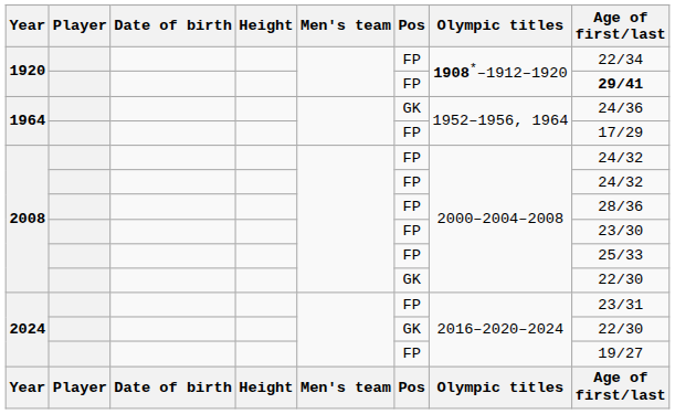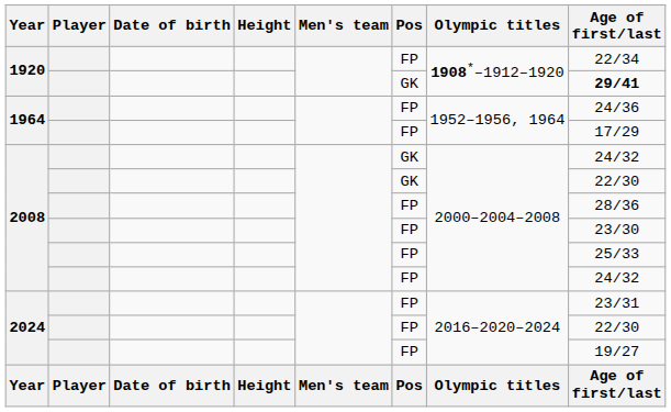 <table class="wikitable sortable plainrowheaders sticky-header" style="text-align: center; margin-left: 1em;">
 <tr>
 <th scope="col">Year</th>
 <th scope="col">Player</th>
 <th scope="col">Date of birth</th>
 <th scope="col">Height</th>
 <th scope="col">Men's team</th>
 <th scope="col">Pos</th>
 <th scope="col">Olympic titles</th>
 <th scope="col">Age of<br>first/last</th>
 </tr>
 <tr>
 <th scope="rowgroup" rowspan="2" style="text-align: center;">1920</th>
 <th scope="row"></th>
 <td style="text-align: right;"></td>
 <td style="text-align: left;"></td>
 <td rowspan="2" style="text-align: left;"></td>
 <td>FP</td>
 <td rowspan="2"><strong>1908</strong><sup>*</sup>–1912–1920</td>
 <td>22/34</td>
 </tr>
 <tr>
 <th scope="row"></th>
 <td style="text-align: right;"></td>
 <td style="text-align: left;"></td>
-<td>FP</td>
+<td>GK</td>
 <td><strong>29/41</strong></td>
 </tr>
 <tr>
 <th scope="rowgroup" rowspan="2" style="text-align: center;">1964</th>
 <th scope="row"></th>
 <td style="text-align: right;"></td>
 <td style="text-align: left;"></td>
 <td rowspan="2" style="text-align: left;"></td>
-<td>GK</td>
+<td>FP</td>
 <td rowspan="2">1952–1956, 1964</td>
 <td>24/36</td>
 </tr>
 <tr>
 <th scope="row"></th>
 <td style="text-align: right;"></td>
 <td style="text-align: left;"></td>
 <td>FP</td>
 <td>17/29</td>
 </tr>
 <tr>
 <th scope="rowgroup" rowspan="6" style="text-align: center;">2008</th>
 <th scope="row"></th>
 <td style="text-align: right;"></td>
 <td style="text-align: left;"></td>
 <td rowspan="6" style="text-align: left;"></td>
-<td>FP</td>
+<td>GK</td>
 <td rowspan="6">2000–2004–2008</td>
 <td>24/32</td>
 </tr>
 <tr>
 <th scope="row"></th>
 <td style="text-align: right;"></td>
 <td style="text-align: left;"></td>
-<td>FP</td>
-<td>24/32</td>
+<td>GK</td>
+<td>22/30</td>
 </tr>
 <tr>
 <th scope="row"></th>
 <td style="text-align: right;"></td>
 <td style="text-align: left;"></td>
 <td>FP</td>
 <td>28/36</td>
 </tr>
 <tr>
 <th scope="row"></th>
 <td style="text-align: right;"></td>
 <td style="text-align: left;"></td>
 <td>FP</td>
 <td>23/30</td>
 </tr>
 <tr>
 <th scope="row"></th>
 <td style="text-align: right;"></td>
 <td style="text-align: left;"></td>
 <td>FP</td>
 <td>25/33</td>
 </tr>
 <tr>
 <th scope="row"></th>
 <td style="text-align: right;"></td>
 <td style="text-align: left;"></td>
-<td>GK</td>
-<td>22/30</td>
+<td>FP</td>
+<td>24/32</td>
 </tr>
 <tr>
 <th scope="rowgroup" rowspan="3" style="text-align: center;">2024</th>
 <th scope="row"></th>
 <td style="text-align: right;"></td>
 <td style="text-align: left;"></td>
 <td rowspan="3" style="text-align: left;"></td>
 <td>FP</td>
 <td rowspan="3">2016–2020–2024</td>
 <td>23/31</td>
 </tr>
 <tr>
 <th scope="row"></th>
 <td style="text-align: right;"></td>
 <td style="text-align: left;"></td>
-<td>GK</td>
+<td>FP</td>
 <td>22/30</td>
 </tr>
 <tr>
 <th scope="row"></th>
 <td style="text-align: right;"></td>
 <td style="text-align: left;"></td>
 <td>FP</td>
 <td>19/27</td>
 </tr>
 <tr class="sortbottom">
 <th>Year</th>
 <th>Player</th>
 <th>Date of birth</th>
 <th>Height</th>
 <th>Men's team</th>
 <th>Pos</th>
 <th>Olympic titles</th>
 <th>Age of<br>first/last</th>
 </tr>
 </table>
